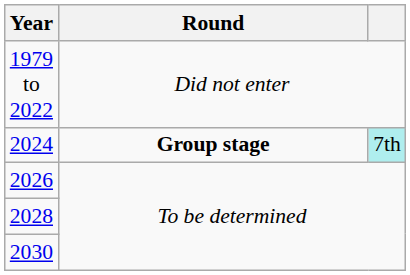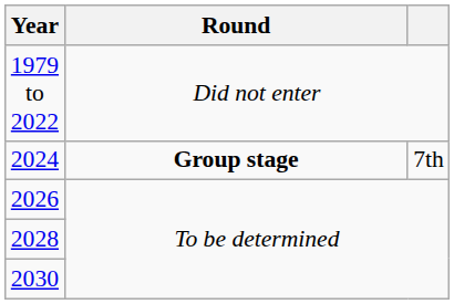 <table class="wikitable" style="text-align: center; font-size:90%">
 <tr>
 <th>Year</th>
 <th style="width:200px">Round</th>
 <th></th>
 </tr>
 <tr>
 <td><a href='#'>1979</a><br>to<br><a href='#'>2022</a></td>
 <td colspan="2"><em>Did not enter</em></td>
 </tr>
 <tr>
 <td><a href='#'>2024</a></td>
 <td><strong>Group stage</strong></td>
-<td style="background: paleturquoise;">7th</td>
+<td>7th</td>
 </tr>
 <tr>
 <td><a href='#'>2026</a></td>
 <td colspan="2" rowspan="3"><em>To be determined</em></td>
 </tr>
 <tr>
 <td><a href='#'>2028</a></td>
 </tr>
 <tr>
 <td><a href='#'>2030</a></td>
 </tr>
 </table>
